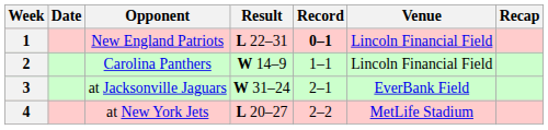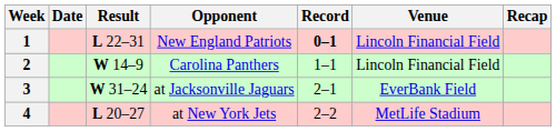 <table class="wikitable" style="text-align:center">
 <tr>
 <th>Week</th>
 <th>Date</th>
+<th>Result</th>
 <th>Opponent</th>
-<th>Result</th>
 <th>Record</th>
 <th>Venue</th>
 <th>Recap</th>
 </tr>
 <tr style="background:#fcc">
 <th>1</th>
 <td></td>
+<td><strong>L</strong> 22–31</td>
 <td><a href='#'>New England Patriots</a></td>
-<td><strong>L</strong> 22–31</td>
 <td><strong>0–1</strong></td>
 <td><a href='#'>Lincoln Financial Field</a></td>
 <td></td>
 </tr>
 <tr style="background:#cfc">
 <th>2</th>
 <td></td>
+<td><strong>W</strong> 14–9</td>
 <td><a href='#'>Carolina Panthers</a></td>
-<td><strong>W</strong> 14–9</td>
 <td>1–1</td>
 <td>Lincoln Financial Field</td>
 <td></td>
 </tr>
 <tr style="background:#cfc">
 <th>3</th>
 <td></td>
+<td><strong>W</strong> 31–24</td>
 <td>at <a href='#'>Jacksonville Jaguars</a></td>
-<td><strong>W</strong> 31–24</td>
 <td>2–1</td>
 <td><a href='#'>EverBank Field</a></td>
 <td></td>
 </tr>
 <tr style="background:#fcc">
 <th>4</th>
 <td></td>
+<td><strong>L</strong> 20–27</td>
 <td>at <a href='#'>New York Jets</a></td>
-<td><strong>L</strong> 20–27</td>
 <td>2–2</td>
 <td><a href='#'>MetLife Stadium</a></td>
 <td></td>
 </tr>
 </table>
